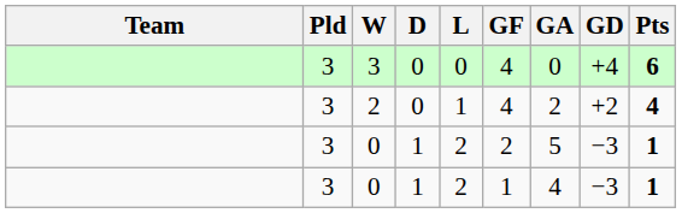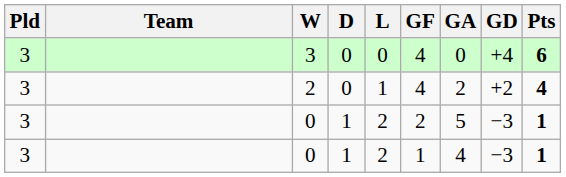 <table class="wikitable" style="text-align:center;">
 <tr>
+<th width=20>Pld</th>
 <th width=180>Team</th>
-<th width=20>Pld</th>
 <th width=20>W</th>
 <th width=20>D</th>
 <th width=20>L</th>
 <th width=20>GF</th>
 <th width=20>GA</th>
 <th width=20>GD</th>
 <th width=20>Pts</th>
 </tr>
 <tr bgcolor="ccffcc">
+<td>3</td>
 <td align="left"></td>
-<td>3</td>
 <td>3</td>
 <td>0</td>
 <td>0</td>
 <td>4</td>
 <td>0</td>
 <td>+4</td>
 <td><strong>6</strong></td>
 </tr>
 <tr>
+<td>3</td>
 <td align="left"></td>
-<td>3</td>
 <td>2</td>
 <td>0</td>
 <td>1</td>
 <td>4</td>
 <td>2</td>
 <td>+2</td>
 <td><strong>4</strong></td>
 </tr>
 <tr>
+<td>3</td>
 <td align="left"></td>
-<td>3</td>
 <td>0</td>
 <td>1</td>
 <td>2</td>
 <td>2</td>
 <td>5</td>
 <td>−3</td>
 <td><strong>1</strong></td>
 </tr>
 <tr>
+<td>3</td>
 <td align="left"></td>
-<td>3</td>
 <td>0</td>
 <td>1</td>
 <td>2</td>
 <td>1</td>
 <td>4</td>
 <td>−3</td>
 <td><strong>1</strong></td>
 </tr>
 </table>
